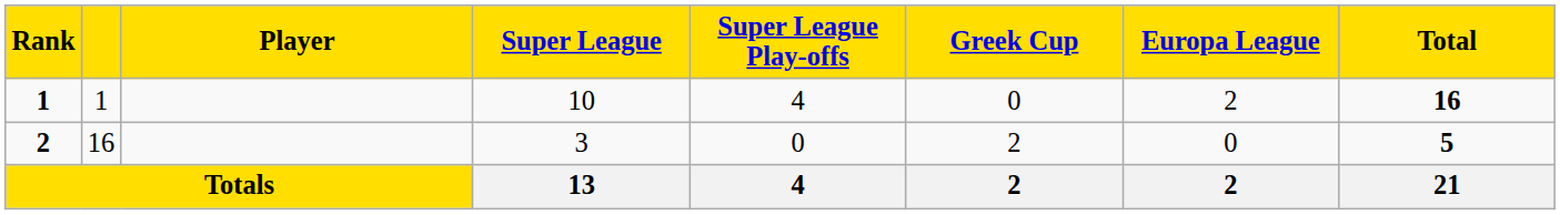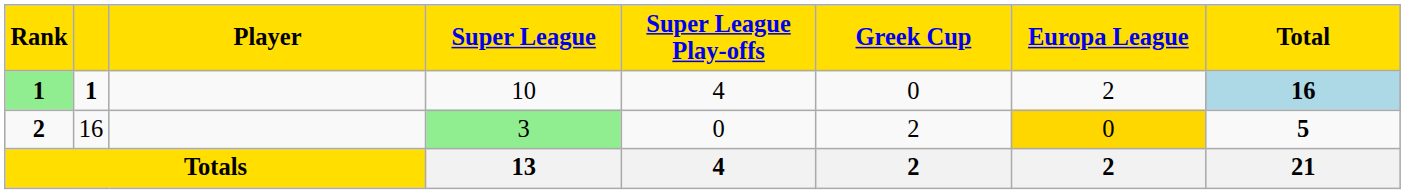 <table class="wikitable sortable" style="text-align:center">
 <tr>
 <th style="background:#FFDE00">Rank</th>
 <th style="background:#FFDE00"></th>
 <th width=200 style="background:#FFDE00">Player</th>
 <th width=120 style="background:#FFDE00"><a href='#'>Super League</a></th>
 <th width=120 style="background:#FFDE00"><a href='#'>Super League Play-offs</a></th>
 <th width=120 style="background:#FFDE00"><a href='#'>Greek Cup</a></th>
 <th width=120 style="background:#FFDE00"><a href='#'>Europa League</a></th>
 <th width=120 style="background:#FFDE00">Total</th>
 </tr>
 <tr>
+<td style="background: lightgreen;"><strong>1</strong></td>
 <td><strong>1</strong></td>
-<td>1</td>
 <td align=left></td>
 <td>10</td>
 <td>4</td>
 <td>0</td>
 <td>2</td>
-<td><strong>16</strong></td>
+<td style="background: lightblue;"><strong>16</strong></td>
 </tr>
 <tr>
 <td><strong>2</strong></td>
 <td>16</td>
 <td align=left></td>
-<td>3</td>
+<td style="background: lightgreen;">3</td>
 <td>0</td>
 <td>2</td>
-<td>0</td>
+<td style="background: gold;">0</td>
 <td><strong>5</strong></td>
 </tr>
 <tr class="sortbottom">
 <th colspan=3 style="background:#FFDE00"><strong>Totals</strong></th>
 <th><strong>13</strong></th>
 <th><strong> 4</strong></th>
 <th><strong> 2</strong></th>
 <th><strong> 2</strong></th>
 <th><strong>21</strong></th>
 </tr>
 </table>
